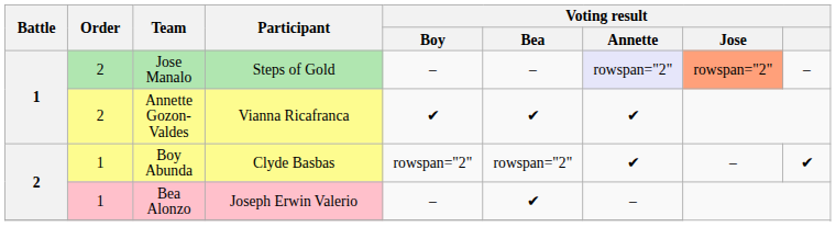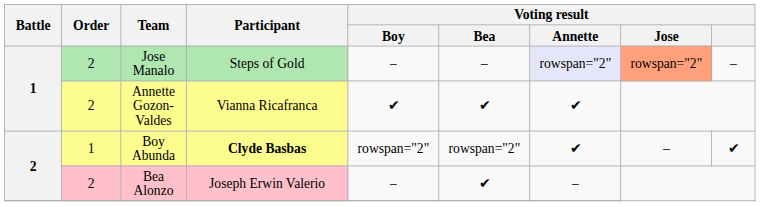 <table class="wikitable" style="text-align:center; line-height:17px; width:100%;">
 <tr>
 <th scope="col" rowspan="2" width="05%">Battle</th>
 <th scope="col" rowspan="2" width="05%">Order</th>
 <th scope="col" rowspan="2" width="05%">Team</th>
 <th scope="col" rowspan="2" width="15%">Participant</th>
 <th scope="col" colspan="5" width="20%">Voting result</th>
 </tr>
 <tr>
 <th width="4%">Boy</th>
 <th width="4%">Bea</th>
 <th width="4%">Annette</th>
 <th width="4%">Jose</th>
 <th width="4%"></th>
 </tr>
 <tr>
 <th rowspan="2">1</th>
 <td style="background:#b0e6b0;">2</td>
 <td style="background:#b0e6b0;">Jose Manalo</td>
 <td style="background:#b0e6b0;">Steps of Gold</td>
 <td>–</td>
 <td>–</td>
 <td style="background: lavender;">rowspan="2" </td>
 <td style="background: lightsalmon;">rowspan="2" </td>
 <td>–</td>
 </tr>
 <tr>
 <td style="background:#fdfc8f;">2</td>
 <td style="background:#fdfc8f;">Annette Gozon-Valdes</td>
 <td style="background:#fdfc8f;">Vianna Ricafranca</td>
 <td>✔</td>
 <td>✔</td>
 <td>✔</td>
 </tr>
 <tr>
 <th rowspan="2">2</th>
 <td style="background:#fdfc8f;">1</td>
 <td style="background:#fdfc8f;">Boy Abunda</td>
-<td style="background:#fdfc8f;">Clyde Basbas</td>
+<td style="background:#fdfc8f;"><strong>Clyde Basbas</strong></td>
 <td>rowspan="2" </td>
 <td>rowspan="2" </td>
 <td>✔</td>
 <td>–</td>
 <td>✔</td>
 </tr>
 <tr>
-<td style="background:pink;">1</td>
+<td style="background:pink;">2</td>
 <td style="background:pink;">Bea Alonzo</td>
 <td style="background:pink;">Joseph Erwin Valerio</td>
 <td>–</td>
 <td>✔</td>
 <td>–</td>
 </tr>
 <tr>
 </tr>
 </table>
